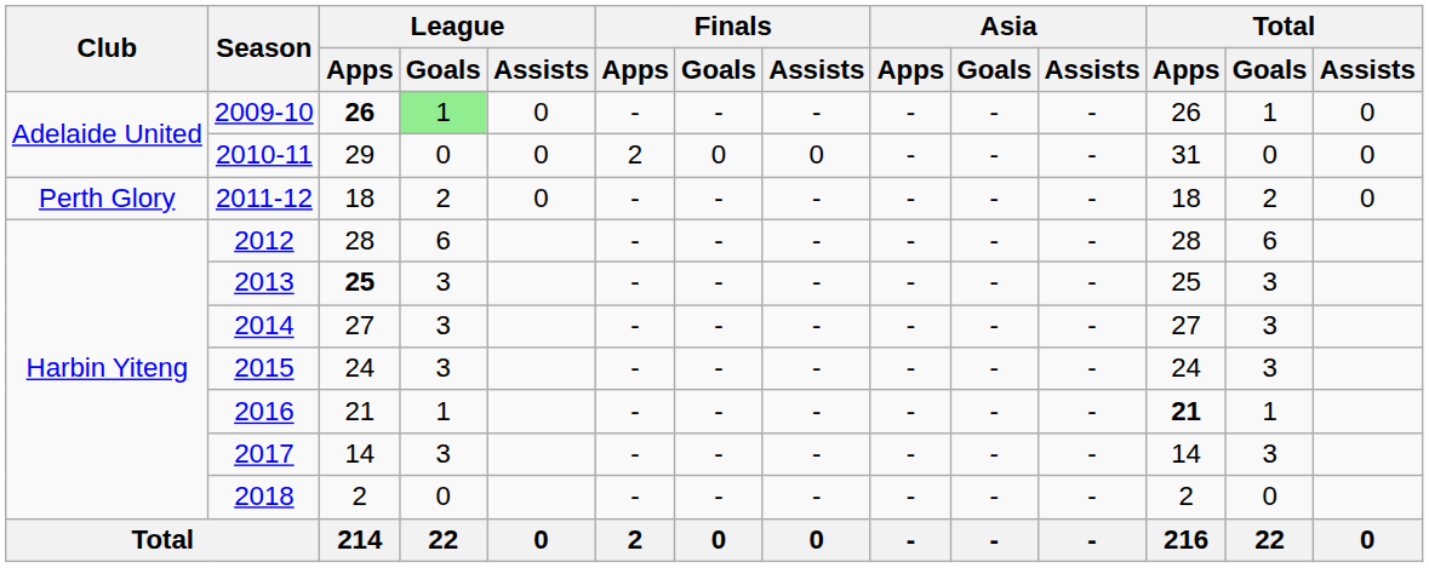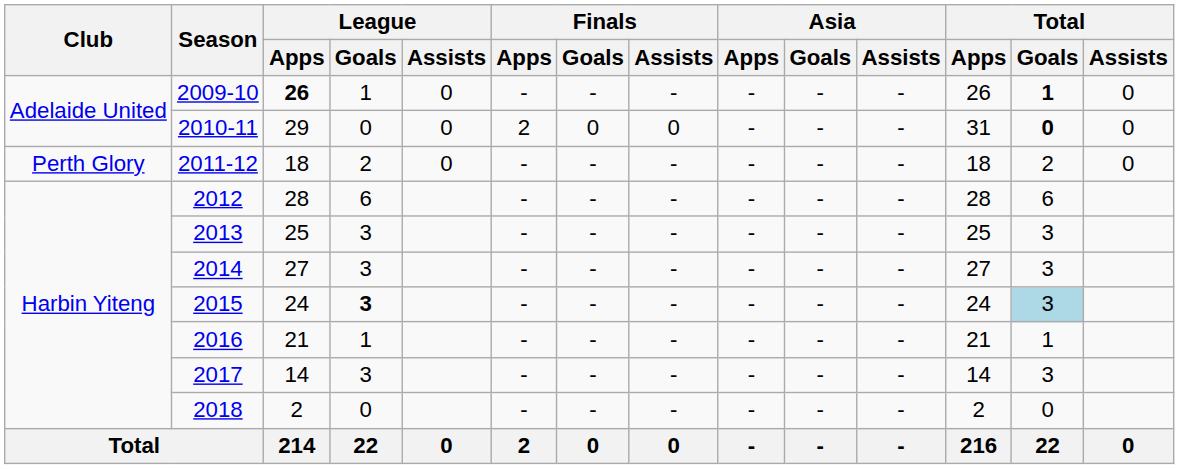 <table class="wikitable" style="text-align: center;">
 <tr>
 <th rowspan="2">Club</th>
 <th rowspan="2">Season</th>
 <th colspan="3">League</th>
 <th colspan="3">Finals</th>
 <th colspan="3">Asia</th>
 <th colspan="3">Total</th>
 </tr>
 <tr>
 <th>Apps</th>
 <th>Goals</th>
 <th>Assists</th>
 <th>Apps</th>
 <th>Goals</th>
 <th>Assists</th>
 <th>Apps</th>
 <th>Goals</th>
 <th>Assists</th>
 <th>Apps</th>
 <th>Goals</th>
 <th>Assists</th>
 </tr>
 <tr>
 <td rowspan="2" valign="center"><a href='#'>Adelaide United</a></td>
 <td><a href='#'>2009-10</a></td>
 <td><strong>26</strong></td>
-<td style="background: lightgreen;">1</td>
+<td>1</td>
 <td>0</td>
 <td>-</td>
 <td>-</td>
 <td>-</td>
 <td>-</td>
 <td>-</td>
 <td>-</td>
 <td>26</td>
-<td>1</td>
+<td><strong>1</strong></td>
 <td>0</td>
 </tr>
 <tr>
 <td><a href='#'>2010-11</a></td>
 <td>29</td>
 <td>0</td>
 <td>0</td>
 <td>2</td>
 <td>0</td>
 <td>0</td>
 <td>-</td>
 <td>-</td>
 <td>-</td>
 <td>31</td>
-<td>0</td>
+<td><strong>0</strong></td>
 <td>0</td>
 </tr>
 <tr>
 <td rowspan="1" valign="center"><a href='#'>Perth Glory</a></td>
 <td><a href='#'>2011-12</a></td>
 <td>18</td>
 <td>2</td>
 <td>0</td>
 <td>-</td>
 <td>-</td>
 <td>-</td>
 <td>-</td>
 <td>-</td>
 <td>-</td>
 <td>18</td>
 <td>2</td>
 <td>0</td>
 </tr>
 <tr>
 <td rowspan="7" valign="center"><a href='#'>Harbin Yiteng</a></td>
 <td><a href='#'>2012</a></td>
 <td>28</td>
 <td>6</td>
 <td></td>
 <td>-</td>
 <td>-</td>
 <td>-</td>
 <td>-</td>
 <td>-</td>
 <td>-</td>
 <td>28</td>
 <td>6</td>
 <td></td>
 </tr>
 <tr>
 <td><a href='#'>2013</a></td>
-<td><strong>25</strong></td>
+<td>25</td>
 <td>3</td>
 <td></td>
 <td>-</td>
 <td>-</td>
 <td>-</td>
 <td>-</td>
 <td>-</td>
 <td>-</td>
 <td>25</td>
 <td>3</td>
 <td></td>
 </tr>
 <tr>
 <td><a href='#'>2014</a></td>
 <td>27</td>
 <td>3</td>
 <td></td>
 <td>-</td>
 <td>-</td>
 <td>-</td>
 <td>-</td>
 <td>-</td>
 <td>-</td>
 <td>27</td>
 <td>3</td>
 <td></td>
 </tr>
 <tr>
 <td><a href='#'>2015</a></td>
 <td>24</td>
-<td>3</td>
+<td><strong>3</strong></td>
 <td></td>
 <td>-</td>
 <td>-</td>
 <td>-</td>
 <td>-</td>
 <td>-</td>
 <td>-</td>
 <td>24</td>
-<td>3</td>
+<td style="background: lightblue;">3</td>
 <td></td>
 </tr>
 <tr>
 <td><a href='#'>2016</a></td>
 <td>21</td>
 <td>1</td>
 <td></td>
 <td>-</td>
 <td>-</td>
 <td>-</td>
 <td>-</td>
 <td>-</td>
 <td>-</td>
-<td><strong>21</strong></td>
+<td>21</td>
 <td>1</td>
 <td></td>
 </tr>
 <tr>
 <td><a href='#'>2017</a></td>
 <td>14</td>
 <td>3</td>
 <td></td>
 <td>-</td>
 <td>-</td>
 <td>-</td>
 <td>-</td>
 <td>-</td>
 <td>-</td>
 <td>14</td>
 <td>3</td>
 <td></td>
 </tr>
 <tr>
 <td><a href='#'>2018</a></td>
 <td>2</td>
 <td>0</td>
 <td></td>
 <td>-</td>
 <td>-</td>
 <td>-</td>
 <td>-</td>
 <td>-</td>
 <td>-</td>
 <td>2</td>
 <td>0</td>
 <td></td>
 </tr>
 <tr>
 <th colspan="2">Total</th>
 <th>214</th>
 <th>22</th>
 <th>0</th>
 <th>2</th>
 <th>0</th>
 <th>0</th>
 <th>-</th>
 <th>-</th>
 <th>-</th>
 <th>216</th>
 <th>22</th>
 <th>0</th>
 </tr>
 </table>
